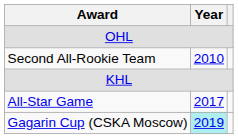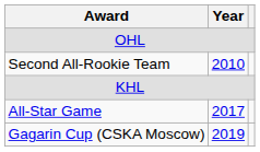 <table class="wikitable">
 <tr>
 <th>Award</th>
 <th>Year</th>
 <th></th>
 </tr>
 <tr ALIGN="center" bgcolor="#e0e0e0">
 <td colspan="3"><a href='#'>OHL</a></td>
 </tr>
 <tr>
 <td>Second All-Rookie Team</td>
 <td><a href='#'>2010</a></td>
 <td></td>
 </tr>
 <tr ALIGN="center" bgcolor="#e0e0e0">
 <td colspan="3"><a href='#'>KHL</a></td>
 </tr>
 <tr>
 <td><a href='#'>All-Star Game</a></td>
 <td><a href='#'>2017</a></td>
 <td></td>
 </tr>
 <tr>
 <td><a href='#'>Gagarin Cup</a> (CSKA Moscow)</td>
-<td style="background: paleturquoise;"><a href='#'>2019</a></td>
+<td><a href='#'>2019</a></td>
 <td></td>
 </tr>
 </table>
